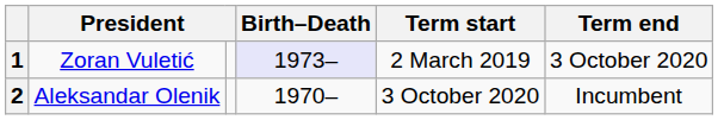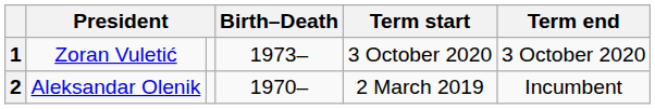 <table class="wikitable" style="text-align:center">
 <tr>
 <th></th>
 <th colspan="2">President</th>
 <th>Birth–Death</th>
 <th>Term start</th>
 <th>Term end</th>
 </tr>
 <tr>
 <th style="background:">1</th>
 <td><a href='#'>Zoran Vuletić</a></td>
 <td></td>
-<td style="background: lavender;">1973–</td>
-<td>2 March 2019</td>
+<td>1973–</td>
+<td>3 October 2020</td>
 <td>3 October 2020</td>
 </tr>
 <tr>
 <th style="background:">2</th>
 <td><a href='#'>Aleksandar Olenik</a></td>
 <td></td>
 <td>1970–</td>
-<td>3 October 2020</td>
+<td>2 March 2019</td>
 <td>Incumbent</td>
 </tr>
 </table>
